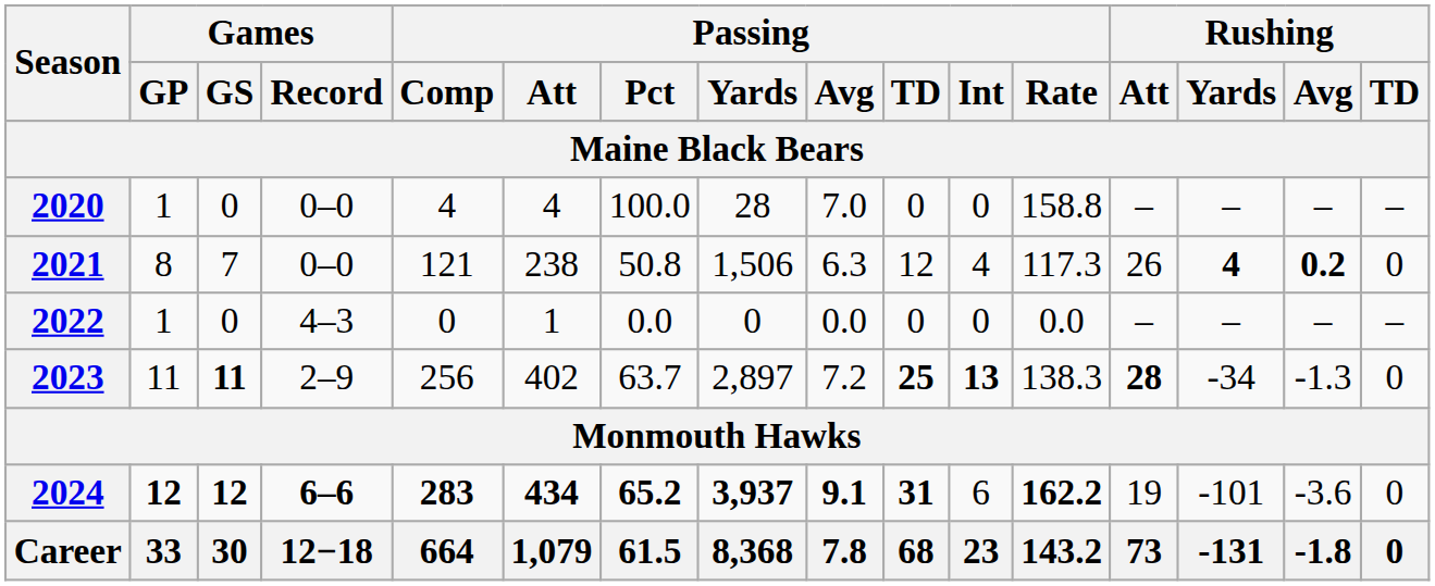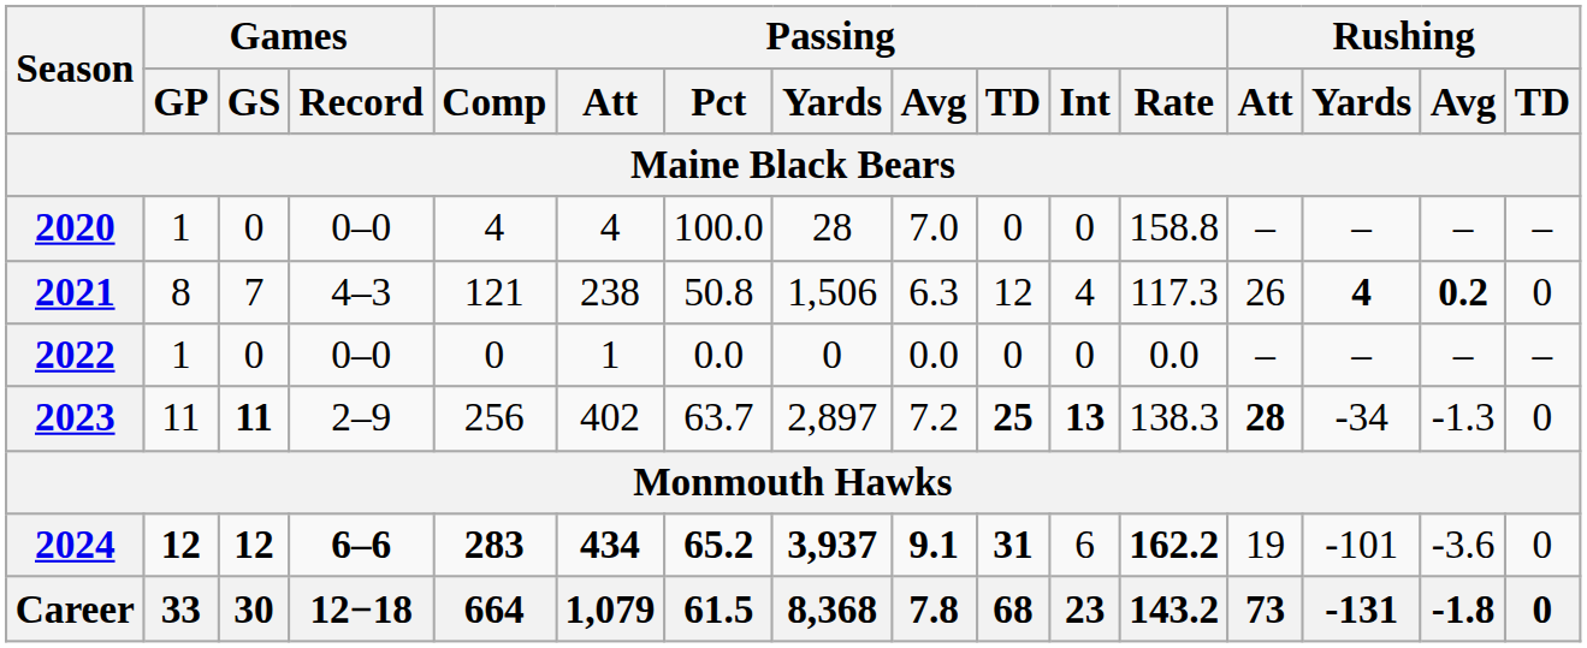 <table class="wikitable" style="text-align:center;">
 <tr>
 <th rowspan="2">Season</th>
 <th colspan="3">Games</th>
 <th colspan="8">Passing</th>
 <th colspan="4">Rushing</th>
 </tr>
 <tr>
 <th>GP</th>
 <th>GS</th>
 <th>Record</th>
 <th>Comp</th>
 <th>Att</th>
 <th>Pct</th>
 <th>Yards</th>
 <th>Avg</th>
 <th>TD</th>
 <th>Int</th>
 <th>Rate</th>
 <th>Att</th>
 <th>Yards</th>
 <th>Avg</th>
 <th>TD</th>
 </tr>
 <tr>
 <th colspan="16">Maine Black Bears</th>
 </tr>
 <tr>
 <th><a href='#'>2020</a></th>
 <td>1</td>
 <td>0</td>
 <td>0–0</td>
 <td>4</td>
 <td>4</td>
 <td>100.0</td>
 <td>28</td>
 <td>7.0</td>
 <td>0</td>
 <td>0</td>
 <td>158.8</td>
 <td>–</td>
 <td>–</td>
 <td>–</td>
 <td>–</td>
 </tr>
 <tr>
 <th><a href='#'>2021</a></th>
 <td>8</td>
 <td>7</td>
-<td>0–0</td>
+<td>4–3</td>
 <td>121</td>
 <td>238</td>
 <td>50.8</td>
 <td>1,506</td>
 <td>6.3</td>
 <td>12</td>
 <td>4</td>
 <td>117.3</td>
 <td>26</td>
 <td><strong>4</strong></td>
 <td><strong>0.2</strong></td>
 <td>0</td>
 </tr>
 <tr>
 <th><a href='#'>2022</a></th>
 <td>1</td>
 <td>0</td>
-<td>4–3</td>
+<td>0–0</td>
 <td>0</td>
 <td>1</td>
 <td>0.0</td>
 <td>0</td>
 <td>0.0</td>
 <td>0</td>
 <td>0</td>
 <td>0.0</td>
 <td>–</td>
 <td>–</td>
 <td>–</td>
 <td>–</td>
 </tr>
 <tr>
 <th><a href='#'>2023</a></th>
 <td>11</td>
 <td><strong>11</strong></td>
 <td>2–9</td>
 <td>256</td>
 <td>402</td>
 <td>63.7</td>
 <td>2,897</td>
 <td>7.2</td>
 <td><strong>25</strong></td>
 <td><strong>13</strong></td>
 <td>138.3</td>
 <td><strong>28</strong></td>
 <td>-34</td>
 <td>-1.3</td>
 <td>0</td>
 </tr>
 <tr>
 <th colspan="16">Monmouth Hawks</th>
 </tr>
 <tr>
 <th><a href='#'>2024</a></th>
 <td><strong>12</strong></td>
 <td><strong>12</strong></td>
 <td><strong>6–6</strong></td>
 <td><strong>283</strong></td>
 <td><strong>434</strong></td>
 <td><strong>65.2</strong></td>
 <td><strong>3,937</strong></td>
 <td><strong>9.1</strong></td>
 <td><strong>31</strong></td>
 <td>6</td>
 <td><strong>162.2</strong></td>
 <td>19</td>
 <td>-101</td>
 <td>-3.6</td>
 <td>0</td>
 </tr>
 <tr>
 <th>Career</th>
 <th>33</th>
 <th>30</th>
 <th>12−18</th>
 <th>664</th>
 <th>1,079</th>
 <th>61.5</th>
 <th>8,368</th>
 <th>7.8</th>
 <th>68</th>
 <th>23</th>
 <th>143.2</th>
 <th>73</th>
 <th>-131</th>
 <th>-1.8</th>
 <th>0</th>
 </tr>
 </table>
